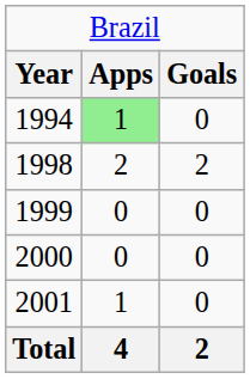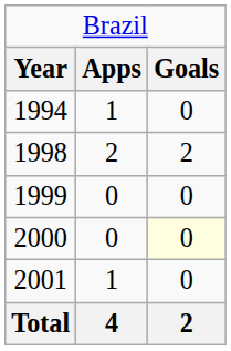 <table class="wikitable" style="text-align:center">
 <tr>
 <td colspan=3><a href='#'>Brazil</a></td>
 </tr>
 <tr>
 <th>Year</th>
 <th>Apps</th>
 <th>Goals</th>
 </tr>
 <tr>
 <td>1994</td>
-<td style="background: lightgreen;">1</td>
+<td>1</td>
 <td>0</td>
 </tr>
 <tr>
 <td>1998</td>
 <td>2</td>
 <td>2</td>
 </tr>
 <tr>
 <td>1999</td>
 <td>0</td>
 <td>0</td>
 </tr>
 <tr>
 <td>2000</td>
 <td>0</td>
-<td>0</td>
+<td style="background: lightyellow;">0</td>
 </tr>
 <tr>
 <td>2001</td>
 <td>1</td>
 <td>0</td>
 </tr>
 <tr>
 <th>Total</th>
 <th>4</th>
 <th>2</th>
 </tr>
 </table>
